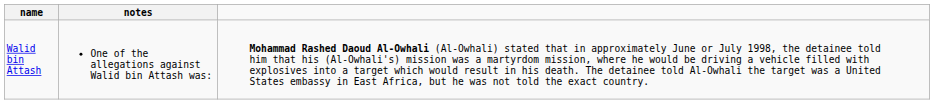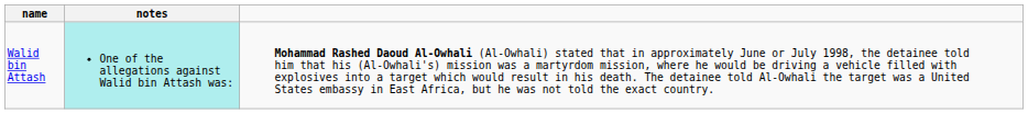 <table class="wikitable">
 <tr>
 <th><strong>name</strong></th>
 <th><strong>notes</strong></th>
 </tr>
 <tr>
 <td><a href='#'>Walid bin Attash</a></td>
-<td><br><ul><li>One of the allegations against Walid bin Attash was:</li></ul></td>
+<td style="background: paleturquoise;"><br><ul><li>One of the allegations against Walid bin Attash was:</li></ul></td>
 <td><br><blockquote><strong>Mohammad Rashed Daoud Al-Owhali</strong> (Al-Owhali) stated that in approximately June or July 1998, the detainee told him that his (Al-Owhali's) mission was a martyrdom mission, where he would be driving a vehicle filled with explosives into a target which would result in his death. The detainee told Al-Owhali the target was a United States embassy in East Africa, but he was not told the exact country.</blockquote></td>
 </tr>
 </table>
